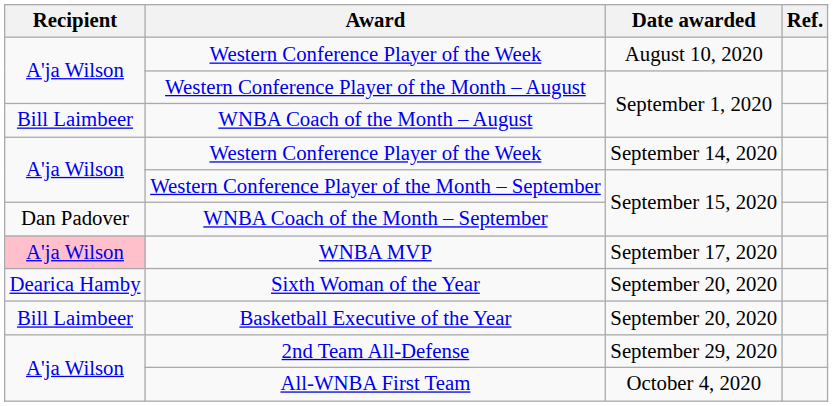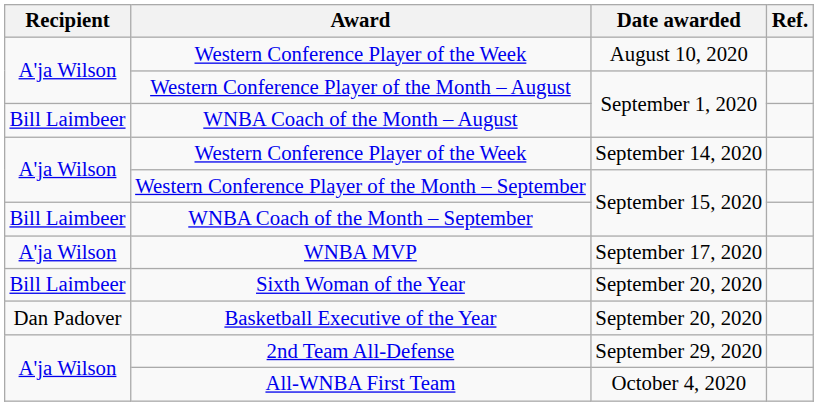 <table class="wikitable sortable sortable" style="text-align: center">
 <tr>
 <th>Recipient</th>
 <th>Award</th>
 <th>Date awarded</th>
 <th>Ref.</th>
 </tr>
 <tr>
 <td rowspan=2><a href='#'>A'ja Wilson</a></td>
 <td><a href='#'>Western Conference Player of the Week</a></td>
 <td>August 10, 2020</td>
 <td></td>
 </tr>
 <tr>
 <td><a href='#'>Western Conference Player of the Month – August</a></td>
 <td rowspan=2>September 1, 2020</td>
 <td></td>
 </tr>
 <tr>
 <td><a href='#'>Bill Laimbeer</a></td>
 <td><a href='#'>WNBA Coach of the Month – August</a></td>
 <td></td>
 </tr>
 <tr>
 <td rowspan=2><a href='#'>A'ja Wilson</a></td>
 <td><a href='#'>Western Conference Player of the Week</a></td>
 <td>September 14, 2020</td>
 <td></td>
 </tr>
 <tr>
 <td><a href='#'>Western Conference Player of the Month – September</a></td>
 <td rowspan=2>September 15, 2020</td>
 <td></td>
 </tr>
 <tr>
-<td>Dan Padover</td>
+<td><a href='#'>Bill Laimbeer</a></td>
 <td><a href='#'>WNBA Coach of the Month – September</a></td>
 <td></td>
 </tr>
 <tr>
-<td style="background: pink;"><a href='#'>A'ja Wilson</a></td>
+<td><a href='#'>A'ja Wilson</a></td>
 <td><a href='#'>WNBA MVP</a></td>
 <td>September 17, 2020</td>
 <td></td>
 </tr>
 <tr>
-<td><a href='#'>Dearica Hamby</a></td>
+<td><a href='#'>Bill Laimbeer</a></td>
 <td><a href='#'>Sixth Woman of the Year</a></td>
 <td>September 20, 2020</td>
 <td></td>
 </tr>
 <tr>
-<td><a href='#'>Bill Laimbeer</a></td>
+<td>Dan Padover</td>
 <td><a href='#'>Basketball Executive of the Year</a></td>
 <td>September 20, 2020</td>
 <td></td>
 </tr>
 <tr>
 <td rowspan=2><a href='#'>A'ja Wilson</a></td>
 <td><a href='#'>2nd Team All-Defense</a></td>
 <td>September 29, 2020</td>
 <td></td>
 </tr>
 <tr>
 <td><a href='#'>All-WNBA First Team</a></td>
 <td>October 4, 2020</td>
 <td></td>
 </tr>
 </table>
